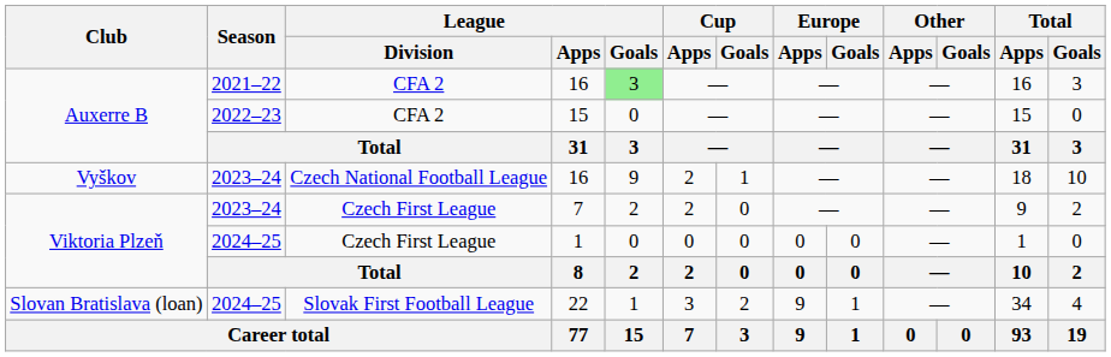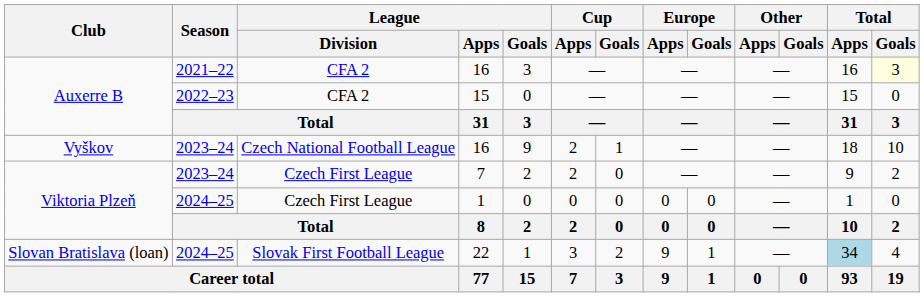 <table class="wikitable" style="text-align:center">
 <tr>
 <th rowspan="2">Club</th>
 <th rowspan="2">Season</th>
 <th colspan="3">League</th>
 <th colspan="2">Cup</th>
 <th colspan="2">Europe</th>
 <th colspan="2">Other</th>
 <th colspan="2">Total</th>
 </tr>
 <tr>
 <th>Division</th>
 <th>Apps</th>
 <th>Goals</th>
 <th>Apps</th>
 <th>Goals</th>
 <th>Apps</th>
 <th>Goals</th>
 <th>Apps</th>
 <th>Goals</th>
 <th>Apps</th>
 <th>Goals</th>
 </tr>
 <tr>
 <td rowspan="3"><a href='#'>Auxerre B</a></td>
 <td><a href='#'>2021–22</a></td>
 <td><a href='#'>CFA 2</a></td>
 <td>16</td>
-<td style="background: lightgreen;">3</td>
+<td>3</td>
 <td colspan="2">—</td>
 <td colspan="2">—</td>
 <td colspan="2">—</td>
 <td>16</td>
-<td>3</td>
+<td style="background: lightyellow;">3</td>
 </tr>
 <tr>
 <td><a href='#'>2022–23</a></td>
 <td>CFA 2</td>
 <td>15</td>
 <td>0</td>
 <td colspan="2">—</td>
 <td colspan="2">—</td>
 <td colspan="2">—</td>
 <td>15</td>
 <td>0</td>
 </tr>
 <tr>
 <th colspan="2">Total</th>
 <th>31</th>
 <th>3</th>
 <th colspan="2">—</th>
 <th colspan="2">—</th>
 <th colspan="2">—</th>
 <th>31</th>
 <th>3</th>
 </tr>
 <tr>
 <td><a href='#'>Vyškov</a></td>
 <td><a href='#'>2023–24</a></td>
 <td><a href='#'>Czech National Football League</a></td>
 <td>16</td>
 <td>9</td>
 <td>2</td>
 <td>1</td>
 <td colspan="2">—</td>
 <td colspan="2">—</td>
 <td>18</td>
 <td>10</td>
 </tr>
 <tr>
 <td rowspan="3"><a href='#'>Viktoria Plzeň</a></td>
 <td><a href='#'>2023–24</a></td>
 <td><a href='#'>Czech First League</a></td>
 <td>7</td>
 <td>2</td>
 <td>2</td>
 <td>0</td>
 <td colspan="2">—</td>
 <td colspan="2">—</td>
 <td>9</td>
 <td>2</td>
 </tr>
 <tr>
 <td><a href='#'>2024–25</a></td>
 <td>Czech First League</td>
 <td>1</td>
 <td>0</td>
 <td>0</td>
 <td>0</td>
 <td>0</td>
 <td>0</td>
 <td colspan="2">—</td>
 <td>1</td>
 <td>0</td>
 </tr>
 <tr>
 <th colspan="2">Total</th>
 <th>8</th>
 <th>2</th>
 <th>2</th>
 <th>0</th>
 <th>0</th>
 <th>0</th>
 <th colspan="2">—</th>
 <th>10</th>
 <th>2</th>
 </tr>
 <tr>
 <td><a href='#'>Slovan Bratislava</a> (loan)</td>
 <td><a href='#'>2024–25</a></td>
 <td><a href='#'>Slovak First Football League</a></td>
 <td>22</td>
 <td>1</td>
 <td>3</td>
 <td>2</td>
 <td>9</td>
 <td>1</td>
 <td colspan="2">—</td>
-<td>34</td>
+<td style="background: lightblue;">34</td>
 <td>4</td>
 </tr>
 <tr>
 <th colspan="3">Career total</th>
 <th>77</th>
 <th>15</th>
 <th>7</th>
 <th>3</th>
 <th>9</th>
 <th>1</th>
 <th>0</th>
 <th>0</th>
 <th>93</th>
 <th>19</th>
 </tr>
 </table>
